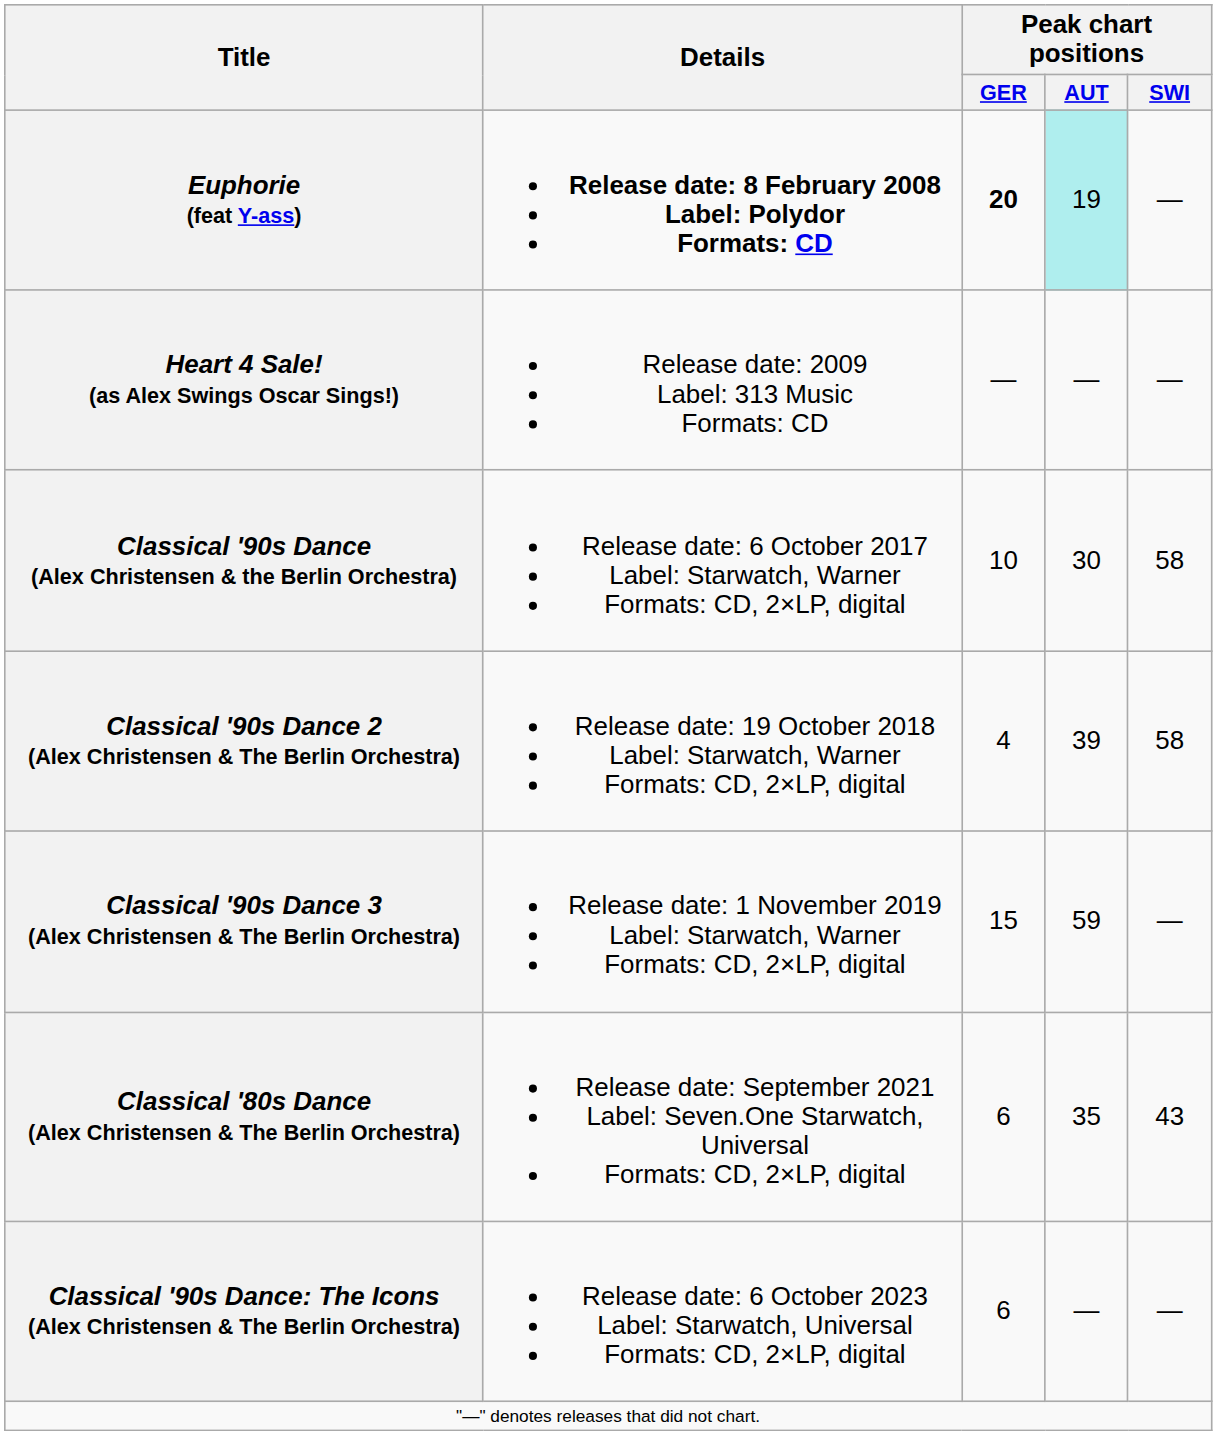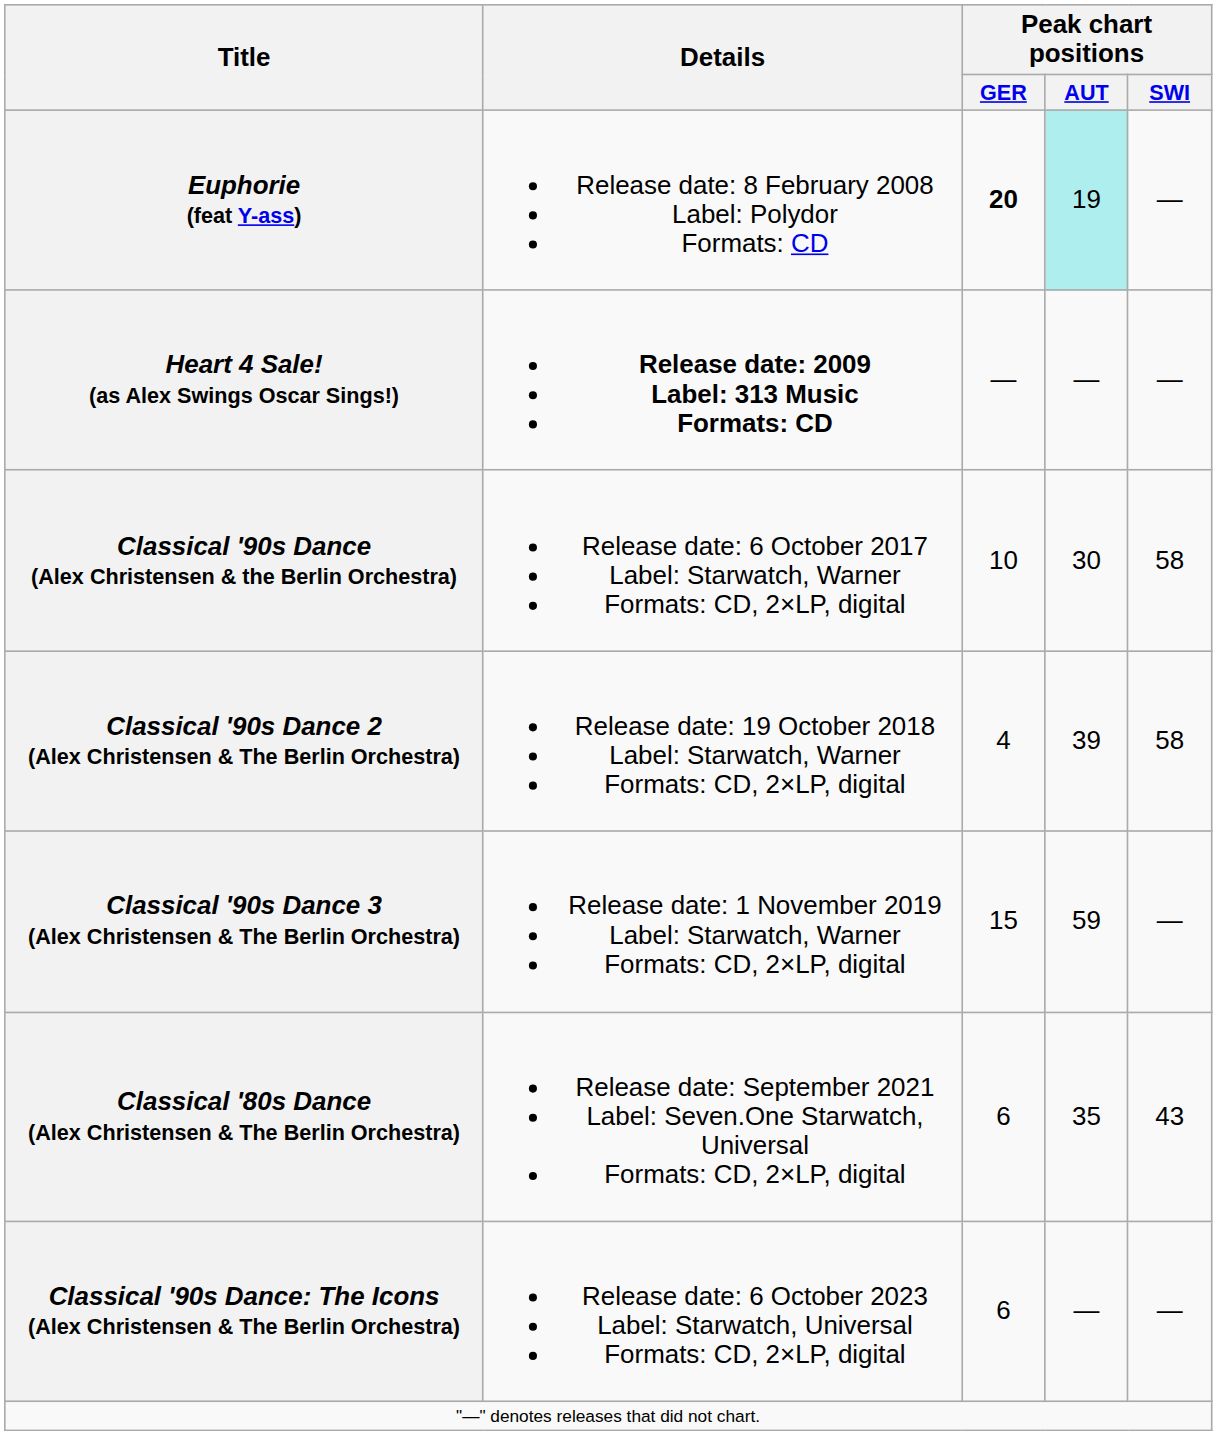 <table class="wikitable plainrowheaders" style="text-align:center;">
 <tr>
 <th rowspan="2" style="width:18em;">Title</th>
 <th rowspan="2" style="width:18em;">Details</th>
 <th colspan="3">Peak chart positions</th>
 </tr>
 <tr style="font-size:smaller;">
 <th style="width:45px;"><a href='#'>GER</a><br></th>
 <th style="width:45px;"><a href='#'>AUT</a><br></th>
 <th style="width:45px;"><a href='#'>SWI</a><br></th>
 </tr>
 <tr>
 <th scope="row"><em>Euphorie</em><br><small>(feat <a href='#'>Y-ass</a>)</small></th>
-<td><strong><br><ul><li>Release date: 8 February 2008</li><li>Label: Polydor</li><li>Formats: <a href='#'>CD</a></li></ul></strong></td>
+<td><br><ul><li>Release date: 8 February 2008</li><li>Label: Polydor</li><li>Formats: <a href='#'>CD</a></li></ul></td>
 <td><strong>20</strong></td>
 <td style="background: paleturquoise;">19</td>
 <td>—</td>
 </tr>
 <tr>
 <th scope="row"><em>Heart 4 Sale!</em><br><small>(as Alex Swings Oscar Sings!)</small></th>
-<td><br><ul><li>Release date: 2009</li><li>Label: 313 Music</li><li>Formats: CD</li></ul></td>
+<td><strong><br><ul><li>Release date: 2009</li><li>Label: 313 Music</li><li>Formats: CD</li></ul></strong></td>
 <td>—</td>
 <td>—</td>
 <td>—</td>
 </tr>
 <tr>
 <th scope="row"><em>Classical '90s Dance</em><br><small>(Alex Christensen & the Berlin Orchestra)</small></th>
 <td><br><ul><li>Release date: 6 October 2017</li><li>Label: Starwatch, Warner</li><li>Formats:  CD, 2×LP, digital</li></ul></td>
 <td>10</td>
 <td>30</td>
 <td>58</td>
 </tr>
 <tr>
 <th scope="row"><em>Classical '90s Dance 2</em><br><small>(Alex Christensen & The Berlin Orchestra)</small></th>
 <td><br><ul><li>Release date: 19 October 2018</li><li>Label: Starwatch, Warner</li><li>Formats: CD, 2×LP, digital</li></ul></td>
 <td>4</td>
 <td>39</td>
 <td>58</td>
 </tr>
 <tr>
 <th scope="row"><em>Classical '90s Dance 3</em><br><small>(Alex Christensen & The Berlin Orchestra)</small></th>
 <td><br><ul><li>Release date: 1 November 2019</li><li>Label: Starwatch, Warner</li><li>Formats: CD, 2×LP, digital</li></ul></td>
 <td>15</td>
 <td>59</td>
 <td>—</td>
 </tr>
 <tr>
 <th scope="row"><em>Classical '80s Dance</em><br><small>(Alex Christensen & The Berlin Orchestra)</small></th>
 <td><br><ul><li>Release date: September 2021</li><li>Label: Seven.One Starwatch, Universal</li><li>Formats: CD, 2×LP, digital</li></ul></td>
 <td>6</td>
 <td>35</td>
 <td>43</td>
 </tr>
 <tr>
 <th scope="row"><em>Classical '90s Dance: The Icons</em><br><small>(Alex Christensen & The Berlin Orchestra)</small></th>
 <td><br><ul><li>Release date: 6 October 2023</li><li>Label: Starwatch, Universal</li><li>Formats: CD, 2×LP, digital</li></ul></td>
 <td>6</td>
 <td>—</td>
 <td>—</td>
 </tr>
 <tr>
 <td colspan="15" style="font-size:8pt">"—" denotes releases that did not chart.</td>
 </tr>
 </table>
